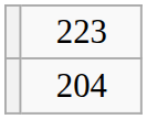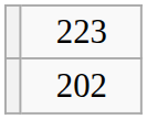 <table class="wikitable">
 <tr>
 <th></th>
 <td style="padding-left: 1em; padding-right: 1em">223</td>
 </tr>
 <tr>
 <th></th>
-<td style="padding-left: 1em; padding-right: 1em">204</td>
+<td style="padding-left: 1em; padding-right: 1em">202</td>
 </tr>
 </table>
